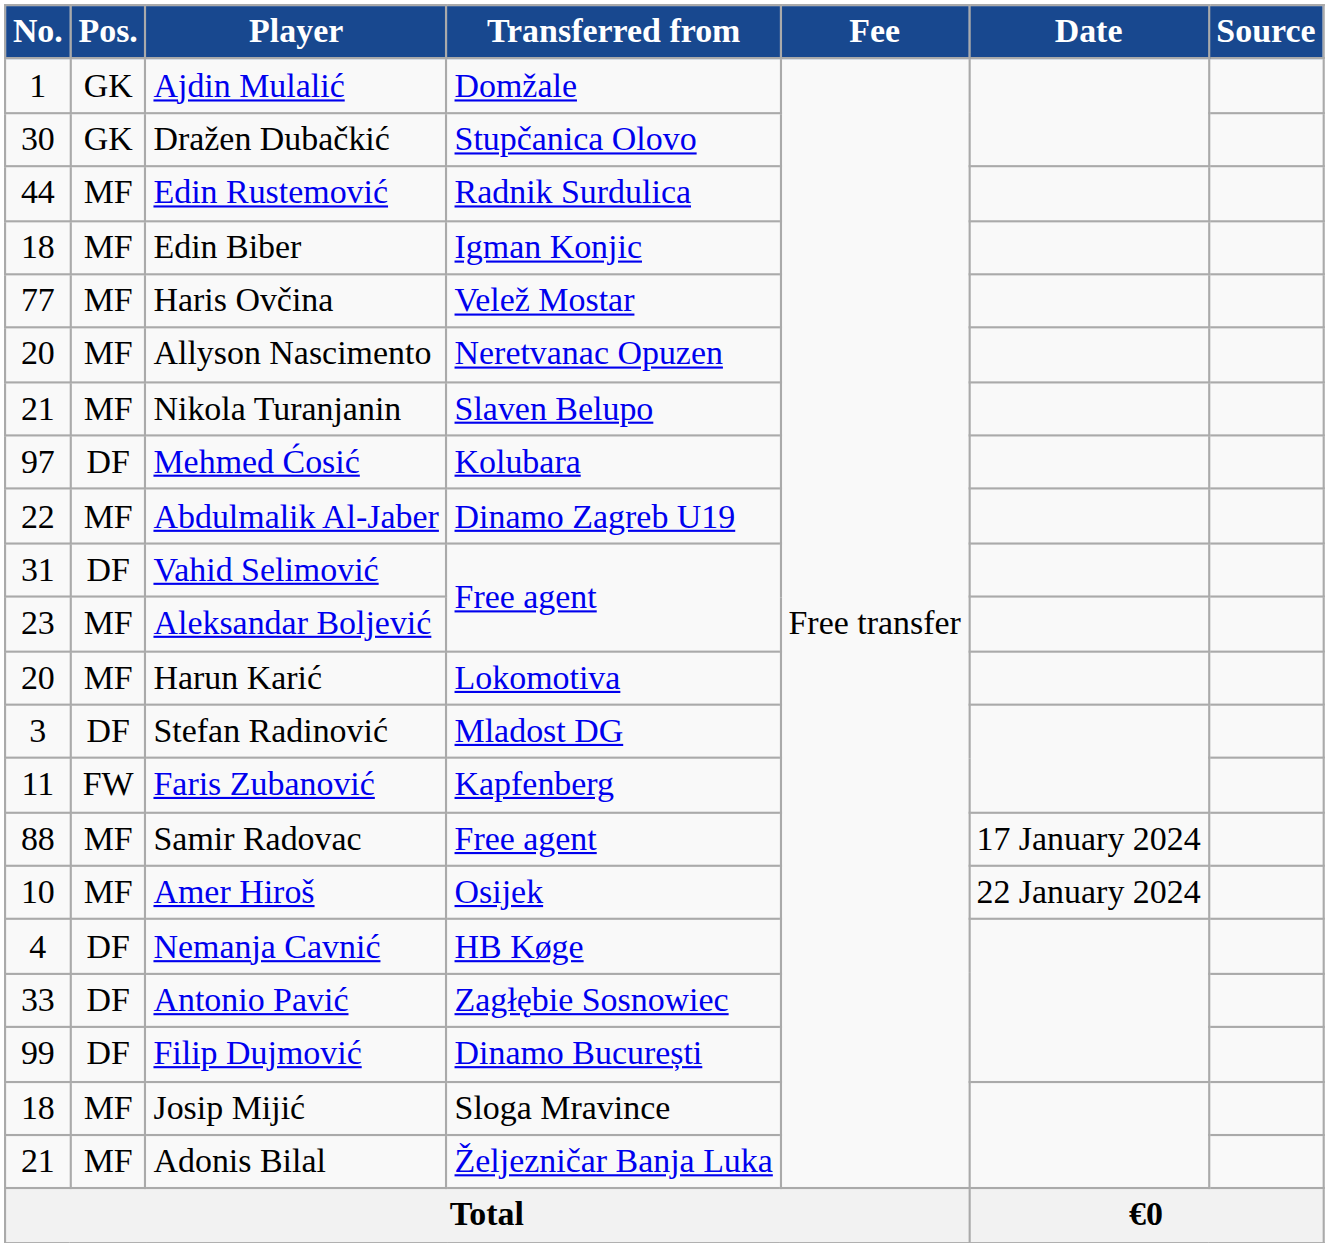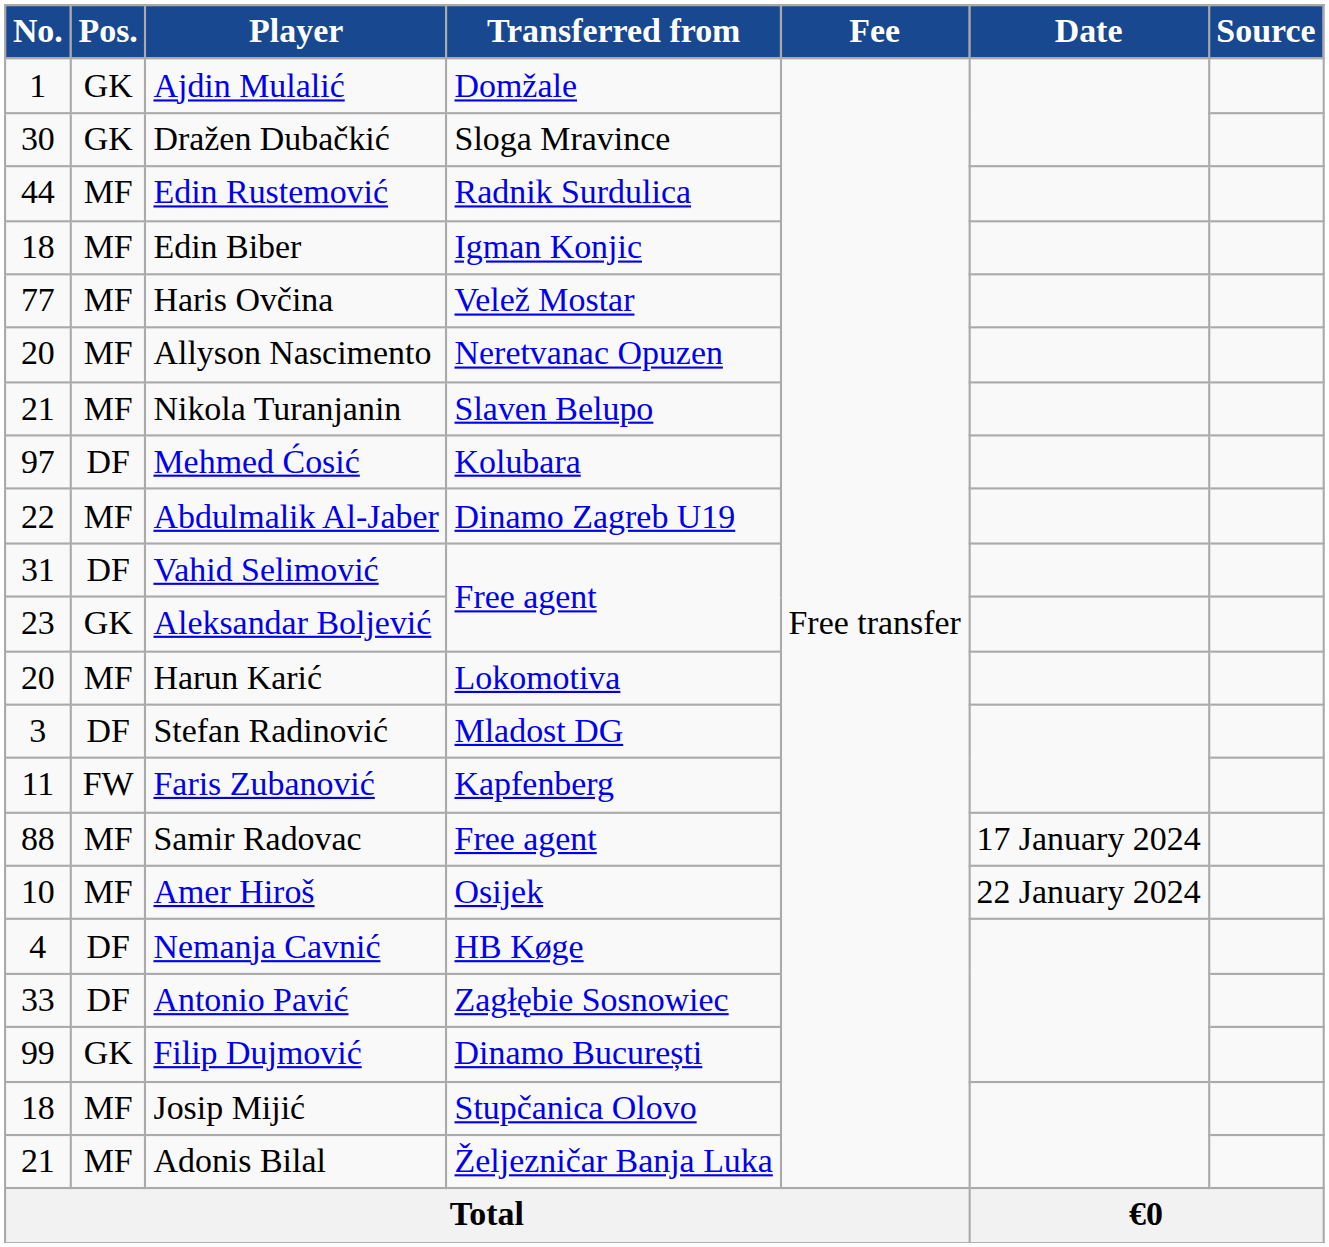 <table class="wikitable plainrowheaders sortable">
 <tr>
 <th style="background:#18488f; color:#FFFFFF; ">No.</th>
 <th style="background:#18488f; color:#FFFFFF; ">Pos.</th>
 <th style="background:#18488f; color:#FFFFFF; ">Player</th>
 <th style="background:#18488f; color:#FFFFFF; ">Transferred from</th>
 <th style="background:#18488f; color:#FFFFFF; ">Fee</th>
 <th style="background:#18488f; color:#FFFFFF; ">Date</th>
 <th style="background:#18488f; color:#FFFFFF; ">Source</th>
 </tr>
 <tr>
 <td align=center>1</td>
 <td align=center>GK</td>
 <td> <a href='#'>Ajdin Mulalić</a></td>
 <td> <a href='#'>Domžale</a></td>
 <td rowspan=21>Free transfer</td>
 <td rowspan=2></td>
 <td align=center></td>
 </tr>
 <tr>
 <td align=center>30</td>
 <td align=center>GK</td>
 <td> Dražen Dubačkić</td>
-<td><a href='#'>Stupčanica Olovo</a></td>
+<td> Sloga Mravince</td>
 <td align=center></td>
 </tr>
 <tr>
 <td align=center>44</td>
 <td align=center>MF</td>
 <td> <a href='#'>Edin Rustemović</a></td>
 <td> <a href='#'>Radnik Surdulica</a></td>
 <td></td>
 <td align=center></td>
 </tr>
 <tr>
 <td align=center>18</td>
 <td align=center>MF</td>
 <td> Edin Biber</td>
 <td><a href='#'>Igman Konjic</a></td>
 <td></td>
 <td align=center></td>
 </tr>
 <tr>
 <td align=center>77</td>
 <td align=center>MF</td>
 <td> Haris Ovčina</td>
 <td><a href='#'>Velež Mostar</a></td>
 <td></td>
 <td align=center></td>
 </tr>
 <tr>
 <td align=center>20</td>
 <td align=center>MF</td>
 <td> Allyson Nascimento</td>
 <td> <a href='#'>Neretvanac Opuzen</a></td>
 <td></td>
 <td align=center></td>
 </tr>
 <tr>
 <td align=center>21</td>
 <td align=center>MF</td>
 <td> Nikola Turanjanin</td>
 <td> <a href='#'>Slaven Belupo</a></td>
 <td></td>
 <td align=center></td>
 </tr>
 <tr>
 <td align=center>97</td>
 <td align=center>DF</td>
 <td> <a href='#'>Mehmed Ćosić</a></td>
 <td> <a href='#'>Kolubara</a></td>
 <td></td>
 <td align=center></td>
 </tr>
 <tr>
 <td align=center>22</td>
 <td align=center>MF</td>
 <td> <a href='#'>Abdulmalik Al-Jaber</a></td>
 <td> <a href='#'>Dinamo Zagreb U19</a></td>
 <td></td>
 <td align=center></td>
 </tr>
 <tr>
 <td align=center>31</td>
 <td align=center>DF</td>
 <td> <a href='#'>Vahid Selimović</a></td>
 <td rowspan=2><a href='#'>Free agent</a></td>
 <td></td>
 <td align=center></td>
 </tr>
 <tr>
 <td align=center>23</td>
-<td align=center>MF</td>
+<td align=center>GK</td>
 <td> <a href='#'>Aleksandar Boljević</a></td>
 <td></td>
 <td align=center></td>
 </tr>
 <tr>
 <td align=center>20</td>
 <td align=center>MF</td>
 <td> Harun Karić</td>
 <td> <a href='#'>Lokomotiva</a></td>
 <td></td>
 <td align=center></td>
 </tr>
 <tr>
 <td align=center>3</td>
 <td align=center>DF</td>
 <td> Stefan Radinović</td>
 <td> <a href='#'>Mladost DG</a></td>
 <td rowspan=2></td>
 <td align=center></td>
 </tr>
 <tr>
 <td align=center>11</td>
 <td align=center>FW</td>
 <td> <a href='#'>Faris Zubanović</a></td>
 <td> <a href='#'>Kapfenberg</a></td>
 <td align=center></td>
 </tr>
 <tr>
 <td align=center>88</td>
 <td align=center>MF</td>
 <td> Samir Radovac</td>
 <td><a href='#'>Free agent</a></td>
 <td>17 January 2024</td>
 <td align=center></td>
 </tr>
 <tr>
 <td align=center>10</td>
 <td align=center>MF</td>
 <td> <a href='#'>Amer Hiroš</a></td>
 <td> <a href='#'>Osijek</a></td>
 <td>22 January 2024</td>
 <td align=center></td>
 </tr>
 <tr>
 <td align=center>4</td>
 <td align=center>DF</td>
 <td> <a href='#'>Nemanja Cavnić</a></td>
 <td> <a href='#'>HB Køge</a></td>
 <td rowspan=3></td>
 <td align=center></td>
 </tr>
 <tr>
 <td align=center>33</td>
 <td align=center>DF</td>
 <td> <a href='#'>Antonio Pavić</a></td>
 <td> <a href='#'>Zagłębie Sosnowiec</a></td>
 <td align=center></td>
 </tr>
 <tr>
 <td align=center>99</td>
-<td align=center>DF</td>
+<td align=center>GK</td>
 <td> <a href='#'>Filip Dujmović</a></td>
 <td> <a href='#'>Dinamo București</a></td>
 <td align=center></td>
 </tr>
 <tr>
 <td align=center>18</td>
 <td align=center>MF</td>
 <td> Josip Mijić</td>
-<td> Sloga Mravince</td>
+<td><a href='#'>Stupčanica Olovo</a></td>
 <td rowspan=2></td>
 <td align=center></td>
 </tr>
 <tr>
 <td align=center>21</td>
 <td align=center>MF</td>
 <td> Adonis Bilal</td>
 <td><a href='#'>Željezničar Banja Luka</a></td>
 <td align=center></td>
 </tr>
 <tr>
 <th colspan="5">Total</th>
 <th colspan="2">€0</th>
 </tr>
 </table>
